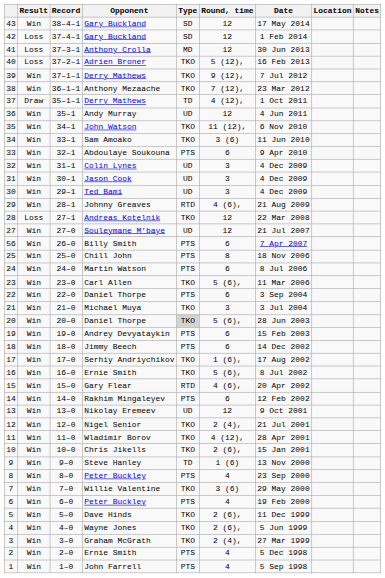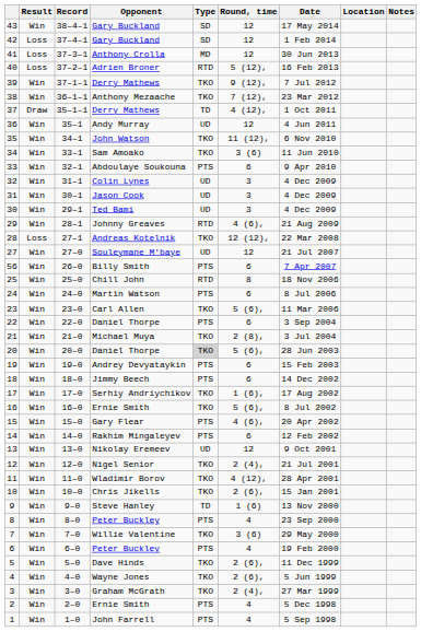 <table class="wikitable" style="text-align:center">
 <tr>
 <th></th>
 <th>Result</th>
 <th>Record</th>
 <th>Opponent</th>
 <th>Type</th>
 <th>Round, time</th>
 <th>Date</th>
 <th>Location</th>
 <th>Notes</th>
 </tr>
 <tr>
 <td>43</td>
 <td>Win</td>
 <td>38–4–1</td>
 <td align=left><a href='#'>Gary Buckland</a></td>
 <td>SD</td>
 <td>12</td>
 <td>17 May 2014</td>
 <td align=left></td>
 <td align=left></td>
 </tr>
 <tr>
 <td>42</td>
 <td>Loss</td>
 <td>37–4–1</td>
 <td align=left><a href='#'>Gary Buckland</a></td>
 <td>SD</td>
 <td>12</td>
 <td>1 Feb 2014</td>
 <td align=left></td>
 <td align=left></td>
 </tr>
 <tr>
 <td>41</td>
 <td>Loss</td>
 <td>37–3–1</td>
 <td align=left><a href='#'>Anthony Crolla</a></td>
 <td>MD</td>
 <td>12</td>
 <td>30 Jun 2013</td>
 <td align=left></td>
 <td align=left></td>
 </tr>
 <tr>
 <td>40</td>
 <td>Loss</td>
 <td>37–2–1</td>
 <td align=left><a href='#'>Adrien Broner</a></td>
-<td>TKO</td>
+<td>RTD</td>
 <td>5 (12), </td>
 <td>16 Feb 2013</td>
 <td align=left></td>
 <td align=left></td>
 </tr>
 <tr>
 <td>39</td>
 <td>Win</td>
 <td>37–1–1</td>
 <td align=left><a href='#'>Derry Mathews</a></td>
 <td>TKO</td>
 <td>9 (12), </td>
 <td>7 Jul 2012</td>
 <td align=left></td>
 <td align=left></td>
 </tr>
 <tr>
 <td>38</td>
 <td>Win</td>
 <td>36–1–1</td>
 <td align=left>Anthony Mezaache</td>
 <td>TKO</td>
 <td>7 (12), </td>
 <td>23 Mar 2012</td>
 <td align=left></td>
 <td align=left></td>
 </tr>
 <tr>
 <td>37</td>
 <td>Draw</td>
 <td>35–1–1</td>
 <td align=left><a href='#'>Derry Mathews</a></td>
 <td>TD</td>
 <td>4 (12), </td>
 <td>1 Oct 2011</td>
 <td align=left></td>
 <td align=left></td>
 </tr>
 <tr>
 <td>36</td>
 <td>Win</td>
 <td>35–1</td>
 <td align=left>Andy Murray</td>
 <td>UD</td>
 <td>12</td>
 <td>4 Jun 2011</td>
 <td align=left></td>
 <td align=left></td>
 </tr>
 <tr>
 <td>35</td>
 <td>Win</td>
 <td>34–1</td>
 <td align=left><a href='#'>John Watson</a></td>
 <td>TKO</td>
 <td>11 (12), </td>
 <td>6 Nov 2010</td>
 <td align=left></td>
 <td align=left></td>
 </tr>
 <tr>
 <td>34</td>
 <td>Win</td>
 <td>33–1</td>
 <td align=left>Sam Amoako</td>
 <td>TKO</td>
 <td>3 (6)</td>
 <td>11 Jun 2010</td>
 <td align=left></td>
 <td align=left></td>
 </tr>
 <tr>
 <td>33</td>
 <td>Win</td>
 <td>32–1</td>
 <td align=left>Abdoulaye Soukouna</td>
 <td>PTS</td>
 <td>6</td>
 <td>9 Apr 2010</td>
 <td align=left></td>
 <td align=left></td>
 </tr>
 <tr>
 <td>32</td>
 <td>Win</td>
 <td>31–1</td>
 <td align=left><a href='#'>Colin Lynes</a></td>
 <td>UD</td>
 <td>3</td>
 <td>4 Dec 2009</td>
 <td align=left></td>
 <td align=left></td>
 </tr>
 <tr>
 <td>31</td>
 <td>Win</td>
 <td>30–1</td>
 <td align=left><a href='#'>Jason Cook</a></td>
 <td>UD</td>
 <td>3</td>
 <td>4 Dec 2009</td>
 <td align=left></td>
 <td align=left></td>
 </tr>
 <tr>
 <td>30</td>
 <td>Win</td>
 <td>29–1</td>
 <td align=left><a href='#'>Ted Bami</a></td>
 <td>UD</td>
 <td>3</td>
 <td>4 Dec 2009</td>
 <td align=left></td>
 <td align=left></td>
 </tr>
 <tr>
 <td>29</td>
 <td>Win</td>
 <td>28–1</td>
 <td align=left>Johnny Greaves</td>
 <td>RTD</td>
 <td>4 (6), </td>
 <td>21 Aug 2009</td>
 <td align=left></td>
 <td align=left></td>
 </tr>
 <tr>
 <td>28</td>
 <td>Loss</td>
 <td>27–1</td>
 <td align=left><a href='#'>Andreas Kotelnik</a></td>
 <td>TKO</td>
-<td>12</td>
+<td>12 (12), </td>
 <td>22 Mar 2008</td>
 <td align=left></td>
 <td align=left></td>
 </tr>
 <tr>
 <td>27</td>
 <td>Win</td>
 <td>27–0</td>
 <td align=left><a href='#'>Souleymane M'baye</a></td>
 <td>UD</td>
 <td>12</td>
 <td>21 Jul 2007</td>
 <td align=left></td>
 <td align=left></td>
 </tr>
 <tr>
 <td>56</td>
 <td>Win</td>
 <td>26–0</td>
 <td align=left>Billy Smith</td>
 <td>PTS</td>
 <td>6</td>
 <td><a href='#'>7 Apr 2007</a></td>
 <td align=left></td>
 <td align=left></td>
 </tr>
 <tr>
 <td>25</td>
 <td>Win</td>
 <td>25–0</td>
 <td align=left>Chill John</td>
-<td>PTS</td>
+<td>RTD</td>
 <td>8</td>
 <td>18 Nov 2006</td>
 <td align=left></td>
 <td align=left></td>
 </tr>
 <tr>
 <td>24</td>
 <td>Win</td>
 <td>24–0</td>
 <td align=left>Martin Watson</td>
 <td>PTS</td>
 <td>6</td>
 <td>8 Jul 2006</td>
 <td align=left></td>
 <td align=left></td>
 </tr>
 <tr>
 <td>23</td>
 <td>Win</td>
 <td>23–0</td>
 <td align=left>Carl Allen</td>
 <td>TKO</td>
 <td>5 (6), </td>
 <td>11 Mar 2006</td>
 <td align=left></td>
 <td align=left></td>
 </tr>
 <tr>
 <td>22</td>
 <td>Win</td>
 <td>22–0</td>
 <td align=left>Daniel Thorpe</td>
 <td>PTS</td>
 <td>6</td>
 <td>3 Sep 2004</td>
 <td align=left></td>
 <td align=left></td>
 </tr>
 <tr>
 <td>21</td>
 <td>Win</td>
 <td>21–0</td>
 <td align=left>Michael Muya</td>
 <td>TKO</td>
-<td>3</td>
+<td>2 (8), </td>
 <td>3 Jul 2004</td>
 <td align=left></td>
 <td align=left></td>
 </tr>
 <tr>
 <td>20</td>
 <td>Win</td>
 <td>20–0</td>
 <td align=left>Daniel Thorpe</td>
 <td style="background: lightgrey;">TKO</td>
 <td>5 (6), </td>
 <td>28 Jun 2003</td>
 <td align=left></td>
 <td align=left></td>
 </tr>
 <tr>
 <td>19</td>
 <td>Win</td>
 <td>19–0</td>
 <td align=left>Andrey Devyataykin</td>
 <td>PTS</td>
 <td>6</td>
 <td>15 Feb 2003</td>
 <td align=left></td>
 <td align=left></td>
 </tr>
 <tr>
 <td>18</td>
 <td>Win</td>
 <td>18–0</td>
 <td align=left>Jimmy Beech</td>
 <td>PTS</td>
 <td>6</td>
 <td>14 Dec 2002</td>
 <td align=left></td>
 <td align=left></td>
 </tr>
 <tr>
 <td>17</td>
 <td>Win</td>
 <td>17–0</td>
 <td align=left>Serhiy Andriychikov</td>
 <td>TKO</td>
 <td>1 (6), </td>
 <td>17 Aug 2002</td>
 <td align=left></td>
 <td align=left></td>
 </tr>
 <tr>
 <td>16</td>
 <td>Win</td>
 <td>16–0</td>
 <td align=left>Ernie Smith</td>
 <td>TKO</td>
 <td>5 (6), </td>
 <td>8 Jul 2002</td>
 <td align=left></td>
 <td align=left></td>
 </tr>
 <tr>
 <td>15</td>
 <td>Win</td>
 <td>15–0</td>
 <td align=left>Gary Flear</td>
-<td>RTD</td>
+<td>PTS</td>
 <td>4 (6), </td>
 <td>20 Apr 2002</td>
 <td align=left></td>
 <td align=left></td>
 </tr>
 <tr>
 <td>14</td>
 <td>Win</td>
 <td>14–0</td>
 <td align=left>Rakhim Mingaleyev</td>
 <td>PTS</td>
 <td>6</td>
 <td>12 Feb 2002</td>
 <td align=left></td>
 <td align=left></td>
 </tr>
 <tr>
 <td>13</td>
 <td>Win</td>
 <td>13–0</td>
 <td align=left>Nikolay Eremeev</td>
 <td>UD</td>
 <td>12</td>
 <td>9 Oct 2001</td>
 <td align=left></td>
 <td align=left></td>
 </tr>
 <tr>
 <td>12</td>
 <td>Win</td>
 <td>12–0</td>
 <td align=left>Nigel Senior</td>
 <td>TKO</td>
 <td>2 (4), </td>
 <td>21 Jul 2001</td>
 <td align=left></td>
 <td align=left></td>
 </tr>
 <tr>
 <td>11</td>
 <td>Win</td>
 <td>11–0</td>
 <td align=left>Wladimir Borov</td>
 <td>TKO</td>
 <td>4 (12), </td>
 <td>28 Apr 2001</td>
 <td align=left></td>
 <td align=left></td>
 </tr>
 <tr>
 <td>10</td>
 <td>Win</td>
 <td>10–0</td>
 <td align=left>Chris Jikells</td>
 <td>TKO</td>
 <td>2 (6), </td>
 <td>15 Jan 2001</td>
 <td align=left></td>
 <td align=left></td>
 </tr>
 <tr>
 <td>9</td>
 <td>Win</td>
 <td>9–0</td>
 <td align=left>Steve Hanley</td>
 <td>TD</td>
 <td>1 (6)</td>
 <td>13 Nov 2000</td>
 <td align=left></td>
 <td align=left></td>
 </tr>
 <tr>
 <td>8</td>
 <td>Win</td>
 <td>8–0</td>
 <td align=left><a href='#'>Peter Buckley</a></td>
 <td>PTS</td>
 <td>4</td>
 <td>23 Sep 2000</td>
 <td align=left></td>
 <td align=left></td>
 </tr>
 <tr>
 <td>7</td>
 <td>Win</td>
 <td>7–0</td>
 <td align=left>Willie Valentine</td>
 <td>TKO</td>
 <td>3 (6)</td>
 <td>29 May 2000</td>
 <td align=left></td>
 <td align=left></td>
 </tr>
 <tr>
 <td>6</td>
 <td>Win</td>
 <td>6–0</td>
 <td align=left><a href='#'>Peter Buckley</a></td>
 <td>PTS</td>
 <td>4</td>
 <td>19 Feb 2000</td>
 <td align=left></td>
 <td align=left></td>
 </tr>
 <tr>
 <td>5</td>
 <td>Win</td>
 <td>5–0</td>
 <td align=left>Dave Hinds</td>
 <td>TKO</td>
 <td>2 (6), </td>
 <td>11 Dec 1999</td>
 <td align=left></td>
 <td align=left></td>
 </tr>
 <tr>
 <td>4</td>
 <td>Win</td>
 <td>4–0</td>
 <td align=left>Wayne Jones</td>
 <td>TKO</td>
 <td>2 (6), </td>
 <td>5 Jun 1999</td>
 <td align=left></td>
 <td align=left></td>
 </tr>
 <tr>
 <td>3</td>
 <td>Win</td>
 <td>3–0</td>
 <td align=left>Graham McGrath</td>
 <td>TKO</td>
 <td>2 (4), </td>
 <td>27 Mar 1999</td>
 <td align=left></td>
 <td align=left></td>
 </tr>
 <tr>
 <td>2</td>
 <td>Win</td>
 <td>2–0</td>
 <td align=left>Ernie Smith</td>
 <td>PTS</td>
 <td>4</td>
 <td>5 Dec 1998</td>
 <td align=left></td>
 <td align=left></td>
 </tr>
 <tr>
 <td>1</td>
 <td>Win</td>
 <td>1–0</td>
 <td align=left>John Farrell</td>
 <td>PTS</td>
 <td>4</td>
 <td>5 Sep 1998</td>
 <td align=left></td>
 <td align=left></td>
 </tr>
 </table>
